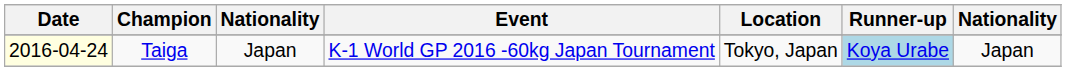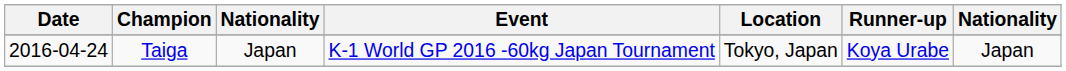 <table class="wikitable" style="text-align:center">
 <tr>
 </tr>
 <tr bgcolor="#dddddd">
 <th>Date</th>
 <th>Champion</th>
 <th>Nationality</th>
 <th>Event</th>
 <th>Location</th>
 <th>Runner-up</th>
 <th>Nationality</th>
 </tr>
 <tr>
 </tr>
 <tr>
-<td style="background: lightyellow;">2016-04-24</td>
+<td>2016-04-24</td>
 <td><a href='#'>Taiga</a></td>
 <td> Japan</td>
 <td><a href='#'>K-1 World GP 2016 -60kg Japan Tournament</a></td>
 <td>Tokyo, Japan</td>
-<td style="background: lightblue;"><a href='#'>Koya Urabe</a></td>
+<td><a href='#'>Koya Urabe</a></td>
 <td> Japan</td>
 </tr>
 <tr>
 </tr>
 </table>
